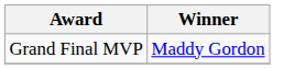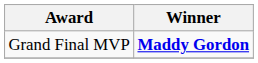 <table class="wikitable collapsible">
 <tr>
 <th>Award</th>
 <th>Winner</th>
 </tr>
 <tr>
 <td>Grand Final MVP</td>
-<td><a href='#'>Maddy Gordon</a></td>
+<td><strong><a href='#'>Maddy Gordon</a></strong></td>
 </tr>
 <tr>
 </tr>
 </table>
